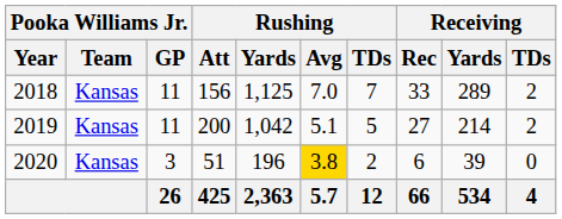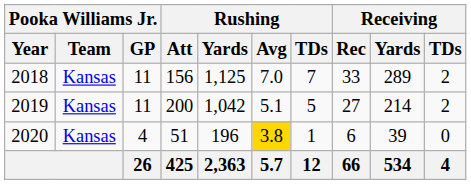 <table class="wikitable" style="text-align:center;">
 <tr>
 <th colspan="3">Pooka Williams Jr.</th>
 <th colspan="4">Rushing</th>
 <th colspan="3">Receiving</th>
 </tr>
 <tr>
 <th>Year</th>
 <th>Team</th>
 <th>GP</th>
 <th>Att</th>
 <th>Yards</th>
 <th>Avg</th>
 <th>TDs</th>
 <th>Rec</th>
 <th>Yards</th>
 <th>TDs</th>
 </tr>
 <tr>
 <td>2018</td>
 <td><a href='#'>Kansas</a></td>
 <td>11</td>
 <td>156</td>
 <td>1,125</td>
 <td>7.0</td>
 <td>7</td>
 <td>33</td>
 <td>289</td>
 <td>2</td>
 </tr>
 <tr>
 <td>2019</td>
 <td><a href='#'>Kansas</a></td>
 <td>11</td>
 <td>200</td>
 <td>1,042</td>
 <td>5.1</td>
 <td>5</td>
 <td>27</td>
 <td>214</td>
 <td>2</td>
 </tr>
 <tr>
 <td>2020</td>
 <td><a href='#'>Kansas</a></td>
-<td>3</td>
+<td>4</td>
 <td>51</td>
 <td>196</td>
 <td style="background: gold;">3.8</td>
-<td>2</td>
+<td>1</td>
 <td>6</td>
 <td>39</td>
 <td>0</td>
 </tr>
 <tr>
 <th colspan="2"><strong></strong></th>
 <th><strong>26</strong></th>
 <th><strong>425</strong></th>
 <th><strong>2,363</strong></th>
 <th><strong>5.7</strong></th>
 <th><strong>12</strong></th>
 <th><strong>66</strong></th>
 <th><strong>534</strong></th>
 <th><strong>4</strong></th>
 </tr>
 </table>
